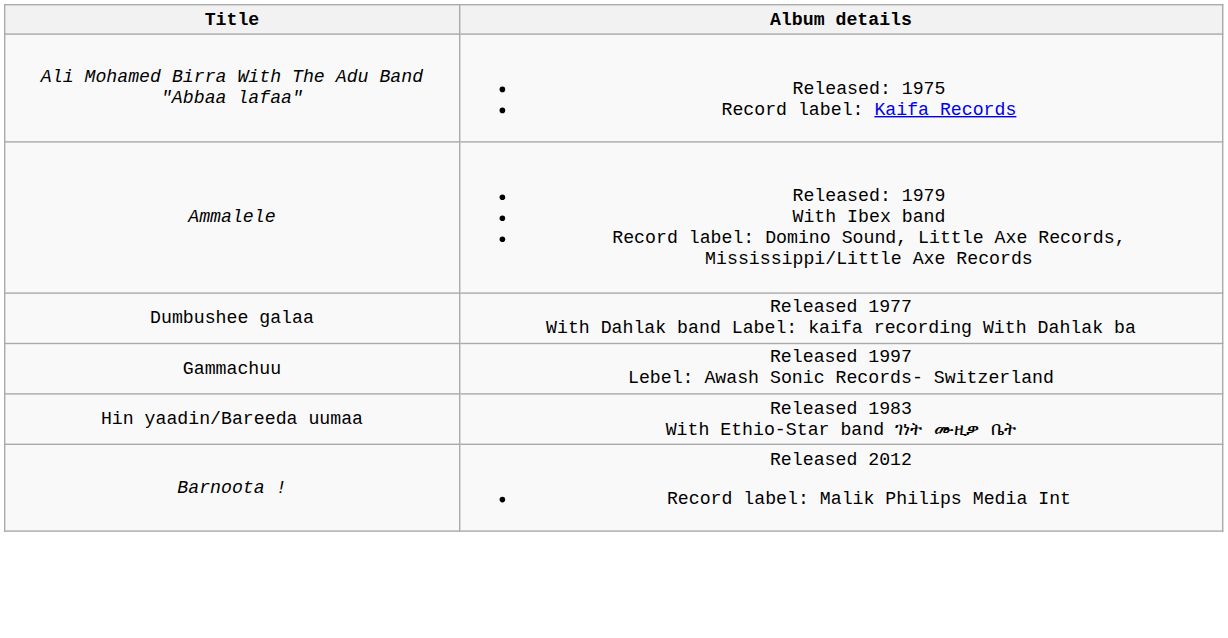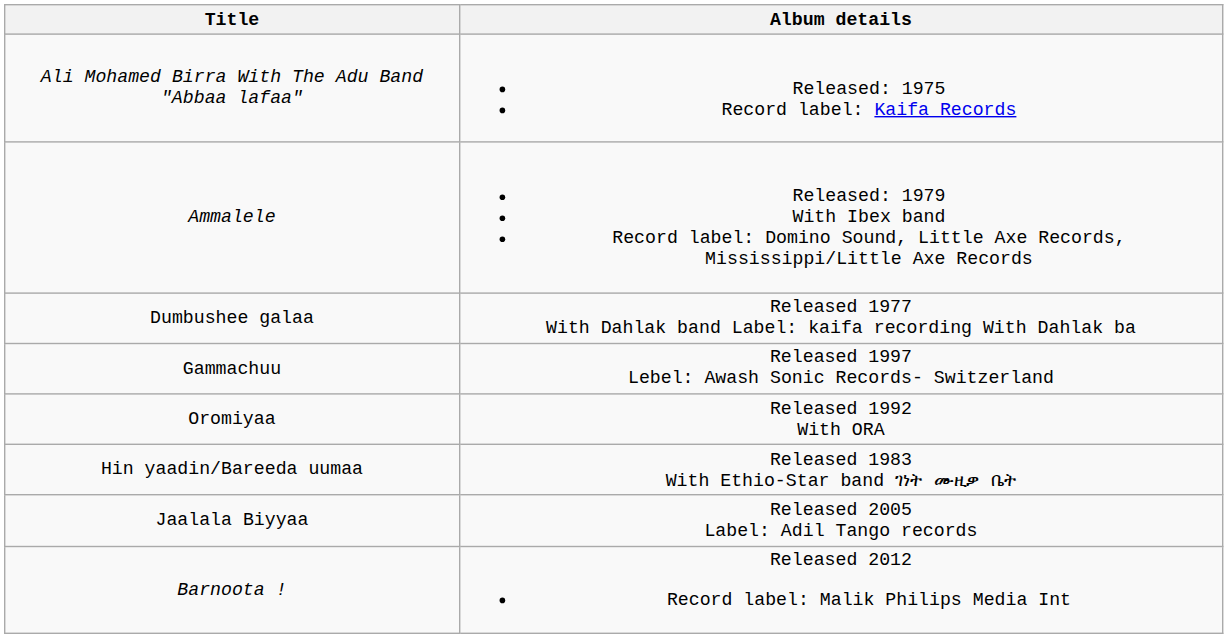 <table class="wikitable mw-collapsible plainrowheaders" style="text-align:center;">
 <tr>
 <th>Title</th>
 <th scope="col" style="padding:0 8px;">Album details</th>
 </tr>
 <tr>
 <td><em>Ali Mohamed Birra With The Adu Band "Abbaa lafaa"</em></td>
 <td><br><ul><li>Released: 1975</li><li>Record label: <a href='#'>Kaifa Records</a></li></ul></td>
 </tr>
 <tr>
 <td><em>Ammalele</em></td>
 <td><br><ul><li>Released: 1979</li><li>With Ibex band</li><li>Record label: Domino Sound, Little Axe Records, Mississippi/Little Axe Records</li></ul></td>
 </tr>
 <tr>
 <td>Dumbushee galaa</td>
 <td>Released 1977<br>With Dahlak band Label: kaifa recording With Dahlak ba</td>
 </tr>
 <tr>
 <td>Gammachuu</td>
 <td>Released 1997<br>Lebel: Awash Sonic Records- Switzerland</td>
 </tr>
 <tr>
+<td>Oromiyaa</td>
+<td>Released 1992<br>With ORA</td>
+</tr>
+<tr>
 <td>Hin yaadin/Bareeda uumaa</td>
 <td>Released 1983<br>With Ethio-Star band ገነት ሙዚቃ ቤት</td>
+</tr>
+<tr>
+<td>Jaalala Biyyaa</td>
+<td>Released 2005<br>Label: Adil Tango records</td>
 </tr>
 <tr>
 <td><em>Barnoota !</em></td>
 <td>Released 2012<br><ul><li>Record label: Malik Philips Media Int</li></ul></td>
 </tr>
 </table>
